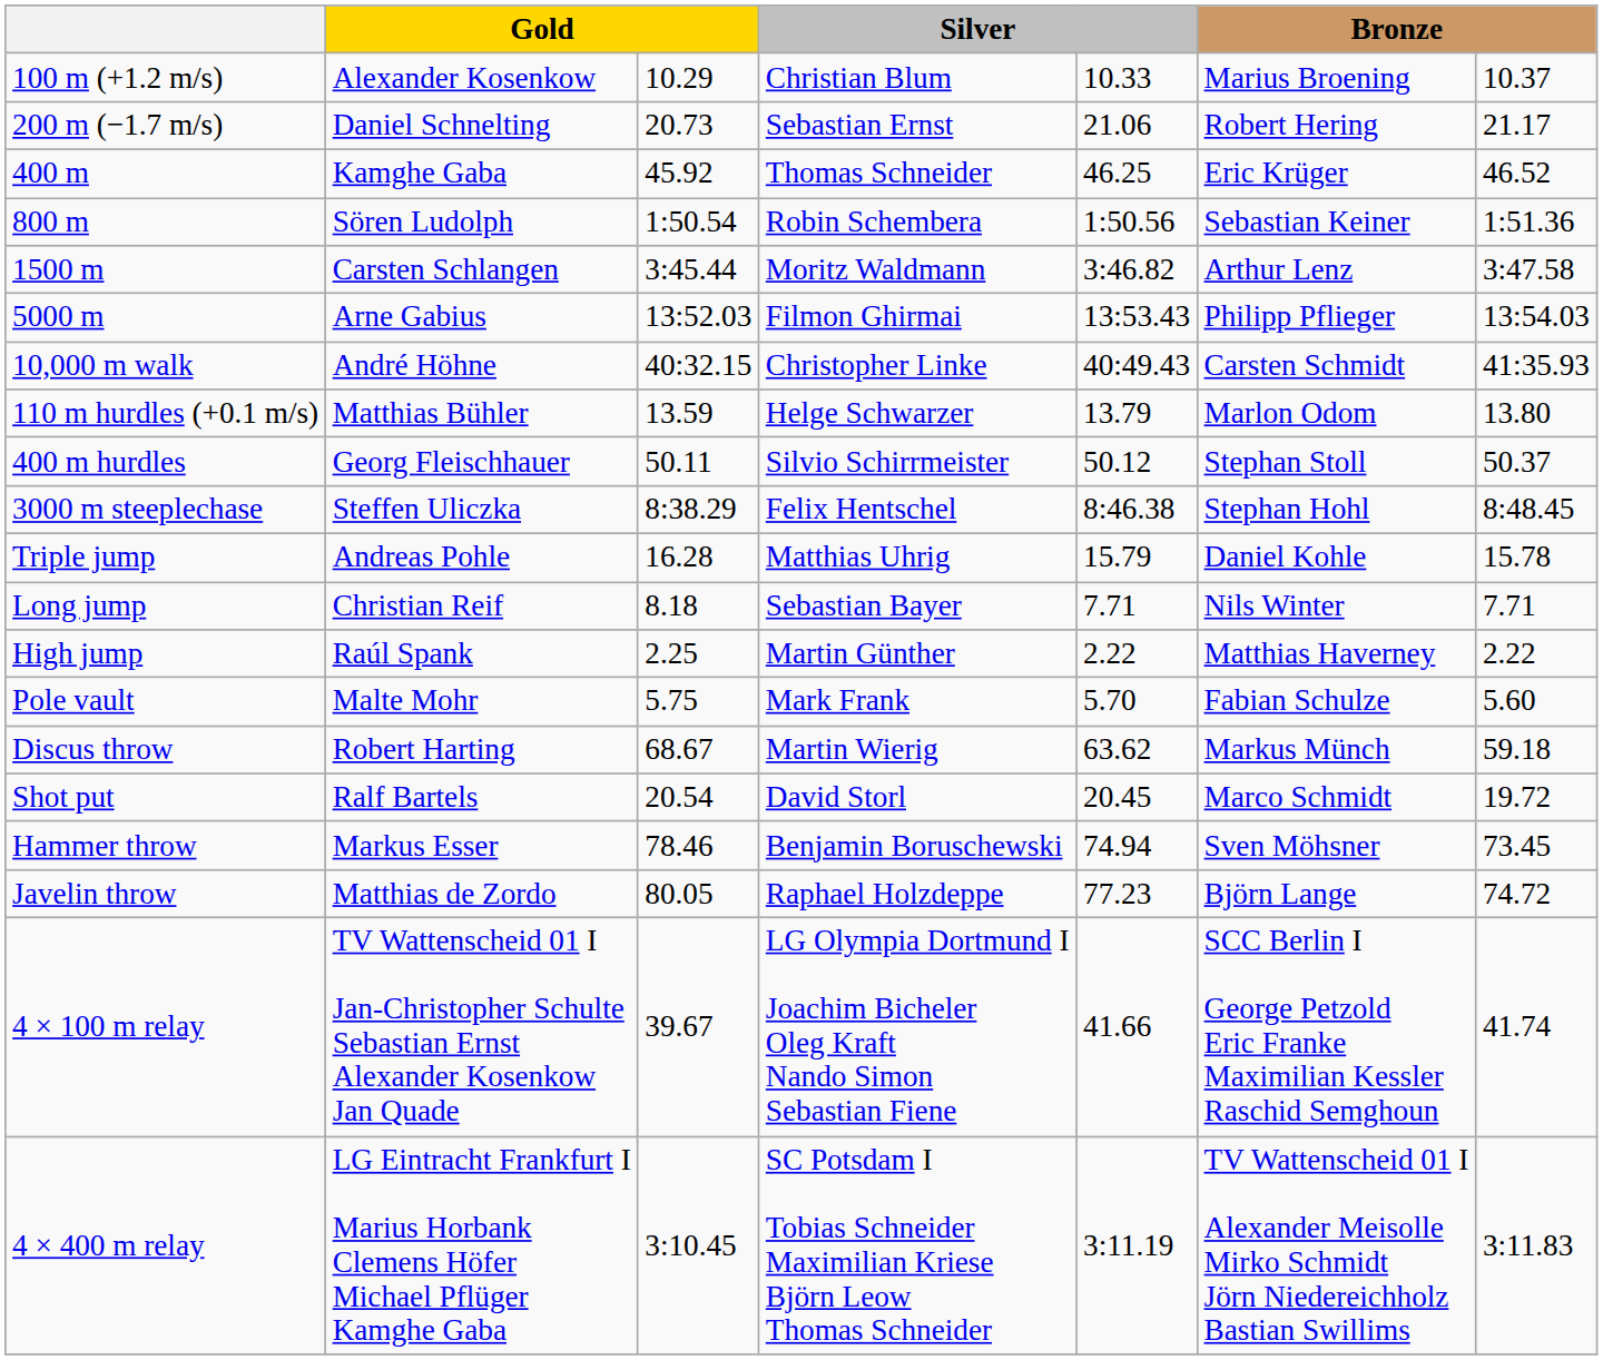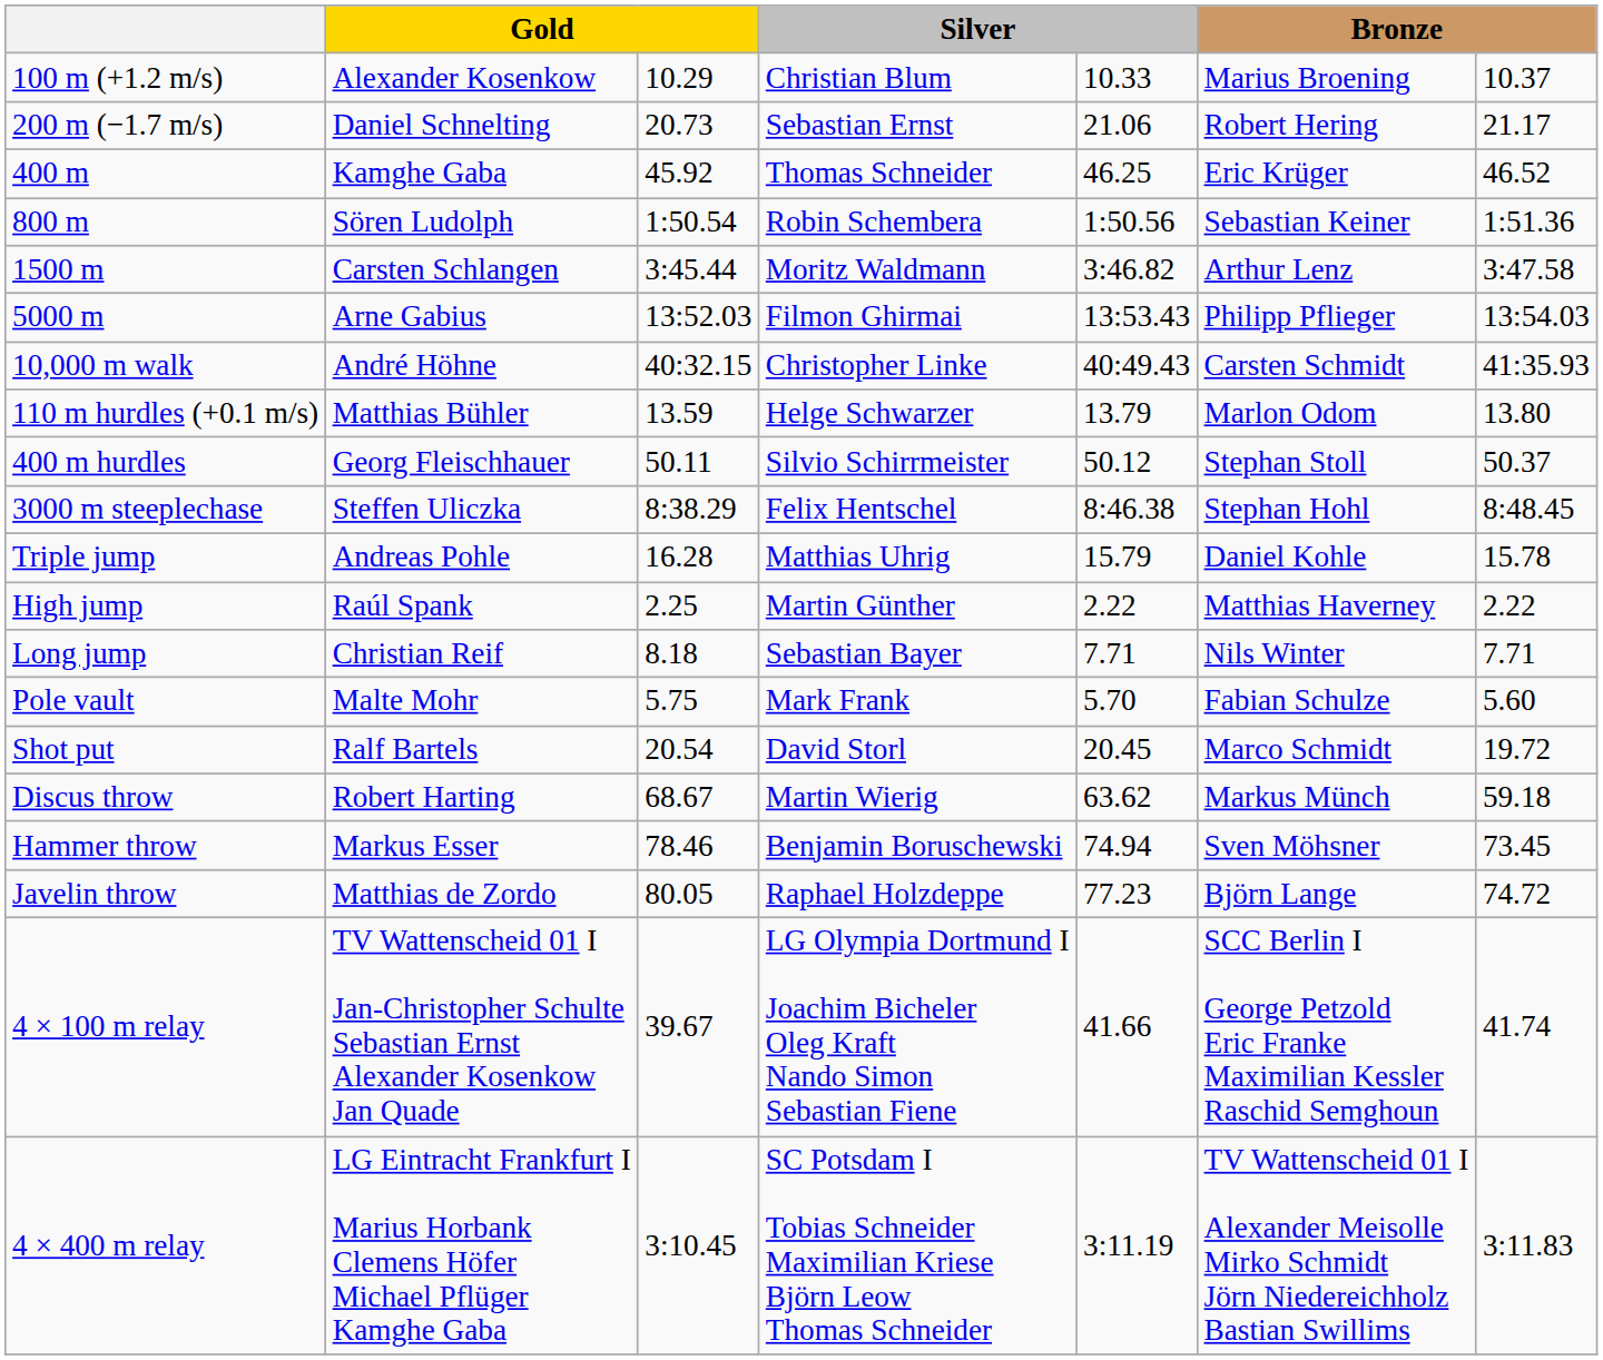 <table class="wikitable">
 <tr>
 <th></th>
 <th style="background:gold;" colspan=2>Gold</th>
 <th style="background:silver;" colspan=2>Silver</th>
 <th style="background:#CC9966;" colspan=2>Bronze</th>
 </tr>
 <tr>
 <td><a href='#'>100 m</a> (+1.2 m/s)</td>
 <td><a href='#'>Alexander Kosenkow</a></td>
 <td>10.29</td>
 <td><a href='#'>Christian Blum</a></td>
 <td>10.33</td>
 <td><a href='#'>Marius Broening</a></td>
 <td>10.37</td>
 </tr>
 <tr>
 <td><a href='#'>200 m</a> (−1.7 m/s)</td>
 <td><a href='#'>Daniel Schnelting</a></td>
 <td>20.73</td>
 <td><a href='#'>Sebastian Ernst</a></td>
 <td>21.06</td>
 <td><a href='#'>Robert Hering</a></td>
 <td>21.17</td>
 </tr>
 <tr>
 <td><a href='#'>400 m</a></td>
 <td><a href='#'>Kamghe Gaba</a></td>
 <td>45.92 </td>
 <td><a href='#'>Thomas Schneider</a></td>
 <td>46.25</td>
 <td><a href='#'>Eric Krüger</a></td>
 <td>46.52</td>
 </tr>
 <tr>
 <td><a href='#'>800 m</a></td>
 <td><a href='#'>Sören Ludolph</a></td>
 <td>1:50.54</td>
 <td><a href='#'>Robin Schembera</a></td>
 <td>1:50.56</td>
 <td><a href='#'>Sebastian Keiner</a></td>
 <td>1:51.36</td>
 </tr>
 <tr>
 <td><a href='#'>1500 m</a></td>
 <td><a href='#'>Carsten Schlangen</a></td>
 <td>3:45.44</td>
 <td><a href='#'>Moritz Waldmann</a></td>
 <td>3:46.82</td>
 <td><a href='#'>Arthur Lenz</a></td>
 <td>3:47.58</td>
 </tr>
 <tr>
 <td><a href='#'>5000 m</a></td>
 <td><a href='#'>Arne Gabius</a></td>
 <td>13:52.03</td>
 <td><a href='#'>Filmon Ghirmai</a></td>
 <td>13:53.43</td>
 <td><a href='#'>Philipp Pflieger</a></td>
 <td>13:54.03</td>
 </tr>
 <tr>
 <td><a href='#'>10,000 m walk</a></td>
 <td><a href='#'>André Höhne</a></td>
 <td>40:32.15 </td>
 <td><a href='#'>Christopher Linke</a></td>
 <td>40:49.43 </td>
 <td><a href='#'>Carsten Schmidt</a></td>
 <td>41:35.93 </td>
 </tr>
 <tr>
 <td><a href='#'>110 m hurdles</a> (+0.1 m/s)</td>
 <td><a href='#'>Matthias Bühler</a></td>
 <td>13.59</td>
 <td><a href='#'>Helge Schwarzer</a></td>
 <td>13.79</td>
 <td><a href='#'>Marlon Odom</a></td>
 <td>13.80</td>
 </tr>
 <tr>
 <td><a href='#'>400 m hurdles</a></td>
 <td><a href='#'>Georg Fleischhauer</a></td>
 <td>50.11 </td>
 <td><a href='#'>Silvio Schirrmeister</a></td>
 <td>50.12</td>
 <td><a href='#'>Stephan Stoll</a></td>
 <td>50.37</td>
 </tr>
 <tr>
 <td><a href='#'>3000 m steeplechase</a></td>
 <td><a href='#'>Steffen Uliczka</a></td>
 <td>8:38.29</td>
 <td><a href='#'>Felix Hentschel</a></td>
 <td>8:46.38 </td>
 <td><a href='#'>Stephan Hohl</a></td>
 <td>8:48.45 </td>
 </tr>
 <tr>
 <td><a href='#'>Triple jump</a></td>
 <td><a href='#'>Andreas Pohle</a></td>
 <td>16.28</td>
 <td><a href='#'>Matthias Uhrig</a></td>
 <td>15.79 </td>
 <td><a href='#'>Daniel Kohle</a></td>
 <td>15.78</td>
 </tr>
 <tr>
+<td><a href='#'>High jump</a></td>
+<td><a href='#'>Raúl Spank</a></td>
+<td>2.25 </td>
+<td><a href='#'>Martin Günther</a></td>
+<td>2.22</td>
+<td><a href='#'>Matthias Haverney</a></td>
+<td>2.22</td>
+</tr>
+<tr>
 <td><a href='#'>Long jump</a></td>
 <td><a href='#'>Christian Reif</a></td>
 <td>8.18</td>
 <td><a href='#'>Sebastian Bayer</a></td>
 <td>7.71 </td>
 <td><a href='#'>Nils Winter</a></td>
 <td>7.71</td>
-</tr>
-<tr>
-<td><a href='#'>High jump</a></td>
-<td><a href='#'>Raúl Spank</a></td>
-<td>2.25 </td>
-<td><a href='#'>Martin Günther</a></td>
-<td>2.22</td>
-<td><a href='#'>Matthias Haverney</a></td>
-<td>2.22</td>
 </tr>
 <tr>
 <td><a href='#'>Pole vault</a></td>
 <td><a href='#'>Malte Mohr</a></td>
 <td>5.75</td>
 <td><a href='#'>Mark Frank</a></td>
 <td>5.70</td>
 <td><a href='#'>Fabian Schulze</a></td>
 <td>5.60</td>
 </tr>
 <tr>
+<td><a href='#'>Shot put</a></td>
+<td><a href='#'>Ralf Bartels</a></td>
+<td>20.54</td>
+<td><a href='#'>David Storl</a></td>
+<td>20.45</td>
+<td><a href='#'>Marco Schmidt</a></td>
+<td>19.72</td>
+</tr>
+<tr>
 <td><a href='#'>Discus throw</a></td>
 <td><a href='#'>Robert Harting</a></td>
 <td>68.67</td>
 <td><a href='#'>Martin Wierig</a></td>
 <td>63.62</td>
 <td><a href='#'>Markus Münch</a></td>
 <td>59.18</td>
-</tr>
-<tr>
-<td><a href='#'>Shot put</a></td>
-<td><a href='#'>Ralf Bartels</a></td>
-<td>20.54</td>
-<td><a href='#'>David Storl</a></td>
-<td>20.45</td>
-<td><a href='#'>Marco Schmidt</a></td>
-<td>19.72</td>
 </tr>
 <tr>
 <td><a href='#'>Hammer throw</a></td>
 <td><a href='#'>Markus Esser</a></td>
 <td>78.46</td>
 <td><a href='#'>Benjamin Boruschewski</a></td>
 <td>74.94 </td>
 <td><a href='#'>Sven Möhsner</a></td>
 <td>73.45 </td>
 </tr>
 <tr>
 <td><a href='#'>Javelin throw</a></td>
 <td><a href='#'>Matthias de Zordo</a></td>
 <td>80.05</td>
 <td><a href='#'>Raphael Holzdeppe</a></td>
 <td>77.23</td>
 <td><a href='#'>Björn Lange</a></td>
 <td>74.72</td>
 </tr>
 <tr>
 <td><a href='#'>4 × 100 m relay</a></td>
 <td><a href='#'>TV Wattenscheid 01</a> I <br><br><a href='#'>Jan-Christopher Schulte</a> <br> <a href='#'>Sebastian Ernst</a> <br> <a href='#'>Alexander Kosenkow</a> <br> <a href='#'>Jan Quade</a></td>
 <td>39.67 </td>
 <td><a href='#'>LG Olympia Dortmund</a> I <br><br><a href='#'>Joachim Bicheler</a> <br> <a href='#'>Oleg Kraft</a> <br> <a href='#'>Nando Simon</a> <br> <a href='#'>Sebastian Fiene</a></td>
 <td>41.66 </td>
 <td><a href='#'>SCC Berlin</a> I <br><br><a href='#'>George Petzold</a> <br> <a href='#'>Eric Franke</a> <br> <a href='#'>Maximilian Kessler</a> <br> <a href='#'>Raschid Semghoun</a></td>
 <td>41.74</td>
 </tr>
 <tr>
 <td><a href='#'>4 × 400 m relay</a></td>
 <td><a href='#'>LG Eintracht Frankfurt</a> I <br><br><a href='#'>Marius Horbank</a> <br> <a href='#'>Clemens Höfer</a> <br> <a href='#'>Michael Pflüger</a> <br> <a href='#'>Kamghe Gaba</a></td>
 <td>3:10.45 </td>
 <td><a href='#'>SC Potsdam</a> I <br><br><a href='#'>Tobias Schneider</a> <br> <a href='#'>Maximilian Kriese</a> <br> <a href='#'>Björn Leow</a> <br> <a href='#'>Thomas Schneider</a></td>
 <td>3:11.19</td>
 <td><a href='#'>TV Wattenscheid 01</a> I <br><br><a href='#'>Alexander Meisolle</a> <br> <a href='#'>Mirko Schmidt</a> <br> <a href='#'>Jörn Niedereichholz</a> <br> <a href='#'>Bastian Swillims</a></td>
 <td>3:11.83</td>
 </tr>
 </table>
